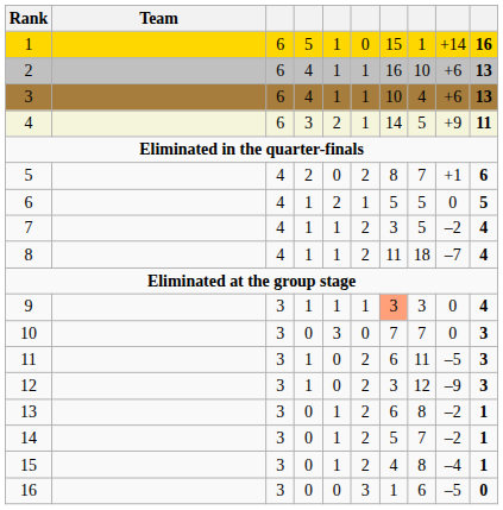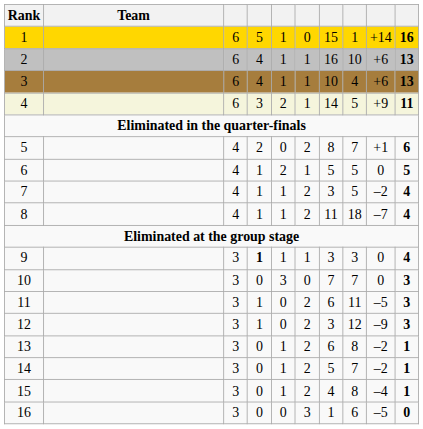 <table class="wikitable" style="text-align:center">
 <tr>
 <th width=20>Rank</th>
 <th width=200>Team</th>
 <th width="20"></th>
 <th width="20"></th>
 <th width="20"></th>
 <th width="20"></th>
 <th width="20"></th>
 <th width="20"></th>
 <th width="20"></th>
 <th width="20"></th>
 </tr>
 <tr style="background:gold;">
 <td>1</td>
 <td style="text-align:left;"></td>
 <td>6</td>
 <td>5</td>
 <td>1</td>
 <td>0</td>
 <td>15</td>
 <td>1</td>
 <td>+14</td>
 <td><strong>16</strong></td>
 </tr>
 <tr style="background:silver;">
 <td>2</td>
 <td style="text-align:left;"></td>
 <td>6</td>
 <td>4</td>
 <td>1</td>
 <td>1</td>
 <td>16</td>
 <td>10</td>
 <td>+6</td>
 <td><strong>13</strong></td>
 </tr>
 <tr style="background:#a67d3d;">
 <td>3</td>
 <td style="text-align:left;"></td>
 <td>6</td>
 <td>4</td>
 <td>1</td>
 <td>1</td>
 <td>10</td>
 <td>4</td>
 <td>+6</td>
 <td><strong>13</strong></td>
 </tr>
 <tr style="background:beige;">
 <td>4</td>
 <td style="text-align:left;"></td>
 <td>6</td>
 <td>3</td>
 <td>2</td>
 <td>1</td>
 <td>14</td>
 <td>5</td>
 <td>+9</td>
 <td><strong>11</strong></td>
 </tr>
 <tr>
 <td colspan="11"><strong>Eliminated in the quarter-finals</strong></td>
 </tr>
 <tr>
 <td>5</td>
 <td style="text-align:left;"></td>
 <td>4</td>
 <td>2</td>
 <td>0</td>
 <td>2</td>
 <td>8</td>
 <td>7</td>
 <td>+1</td>
 <td><strong>6</strong></td>
 </tr>
 <tr>
 <td>6</td>
 <td style="text-align:left;"></td>
 <td>4</td>
 <td>1</td>
 <td>2</td>
 <td>1</td>
 <td>5</td>
 <td>5</td>
 <td>0</td>
 <td><strong>5</strong></td>
 </tr>
 <tr>
 <td>7</td>
 <td style="text-align:left;"></td>
 <td>4</td>
 <td>1</td>
 <td>1</td>
 <td>2</td>
 <td>3</td>
 <td>5</td>
 <td>–2</td>
 <td><strong>4</strong></td>
 </tr>
 <tr>
 <td>8</td>
 <td style="text-align:left;"></td>
 <td>4</td>
 <td>1</td>
 <td>1</td>
 <td>2</td>
 <td>11</td>
 <td>18</td>
 <td>–7</td>
 <td><strong>4</strong></td>
 </tr>
 <tr>
 <td colspan="11"><strong>Eliminated at the group stage</strong></td>
 </tr>
 <tr>
 <td>9</td>
 <td style="text-align:left;"></td>
 <td>3</td>
+<td><strong>1</strong></td>
 <td>1</td>
 <td>1</td>
-<td>1</td>
-<td style="background: lightsalmon;">3</td>
+<td>3</td>
 <td>3</td>
 <td>0</td>
 <td><strong>4</strong></td>
 </tr>
 <tr>
 <td>10</td>
 <td style="text-align:left;"></td>
 <td>3</td>
 <td>0</td>
 <td>3</td>
 <td>0</td>
 <td>7</td>
 <td>7</td>
 <td>0</td>
 <td><strong>3</strong></td>
 </tr>
 <tr>
 <td>11</td>
 <td style="text-align:left;"></td>
 <td>3</td>
 <td>1</td>
 <td>0</td>
 <td>2</td>
 <td>6</td>
 <td>11</td>
 <td>–5</td>
 <td><strong>3</strong></td>
 </tr>
 <tr>
 <td>12</td>
 <td style="text-align:left;"></td>
 <td>3</td>
 <td>1</td>
 <td>0</td>
 <td>2</td>
 <td>3</td>
 <td>12</td>
 <td>–9</td>
 <td><strong>3</strong></td>
 </tr>
 <tr>
 <td>13</td>
 <td style="text-align:left;"></td>
 <td>3</td>
 <td>0</td>
 <td>1</td>
 <td>2</td>
 <td>6</td>
 <td>8</td>
 <td>–2</td>
 <td><strong>1</strong></td>
 </tr>
 <tr>
 <td>14</td>
 <td style="text-align:left;"></td>
 <td>3</td>
 <td>0</td>
 <td>1</td>
 <td>2</td>
 <td>5</td>
 <td>7</td>
 <td>–2</td>
 <td><strong>1</strong></td>
 </tr>
 <tr>
 <td>15</td>
 <td style="text-align:left;"></td>
 <td>3</td>
 <td>0</td>
 <td>1</td>
 <td>2</td>
 <td>4</td>
 <td>8</td>
 <td>–4</td>
 <td><strong>1</strong></td>
 </tr>
 <tr>
 <td>16</td>
 <td style="text-align:left;"></td>
 <td>3</td>
 <td>0</td>
 <td>0</td>
 <td>3</td>
 <td>1</td>
 <td>6</td>
 <td>–5</td>
 <td><strong>0</strong></td>
 </tr>
 </table>
